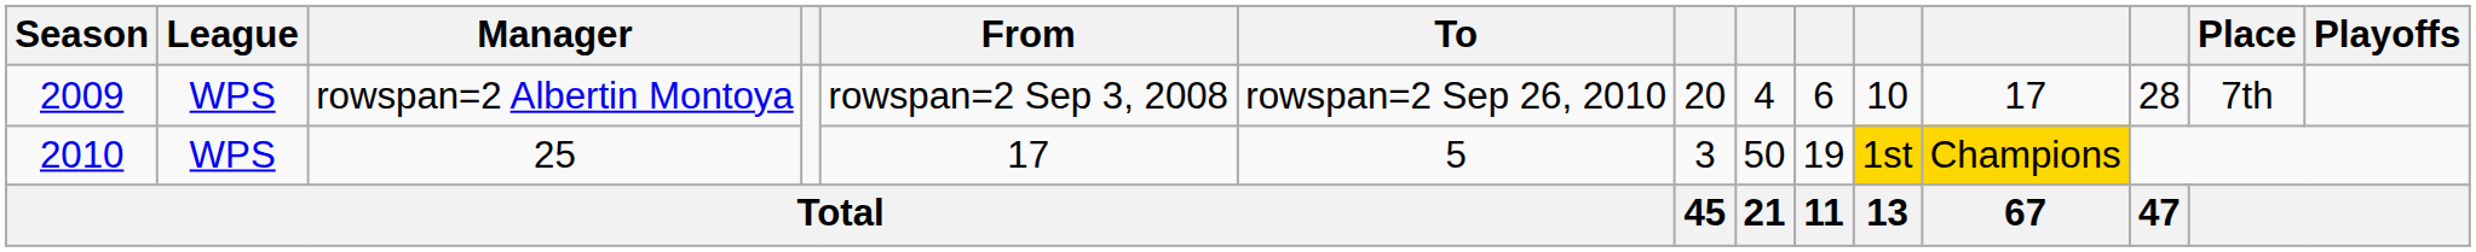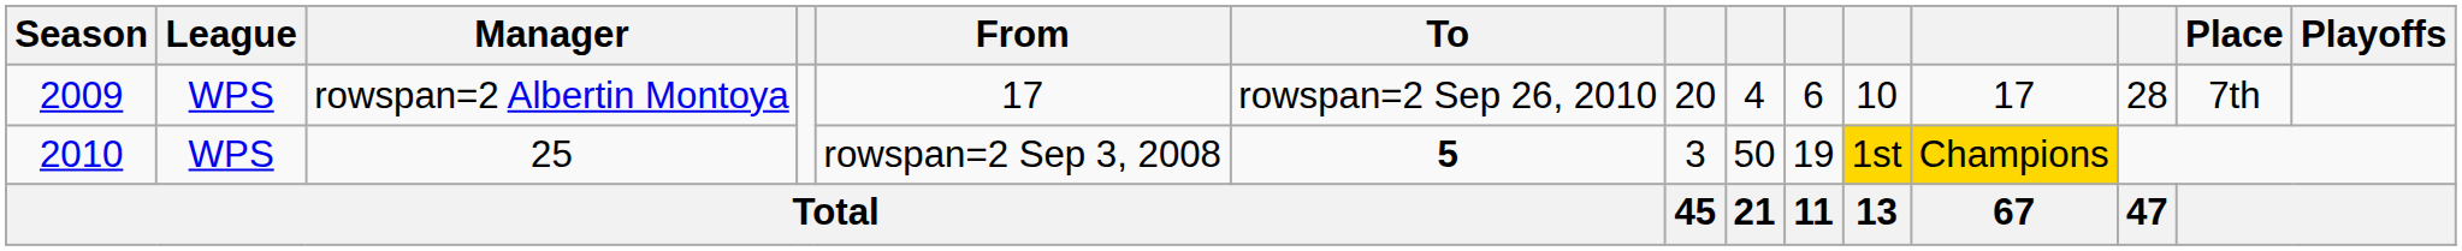 <table class="wikitable" style="text-align:center;">
 <tr>
 <th scope="col">Season</th>
 <th scope="col">League</th>
 <th scope="col">Manager</th>
 <th scope="col"></th>
 <th scope="col">From</th>
 <th scope="col">To</th>
 <th scope="col"></th>
 <th scope="col"></th>
 <th scope="col"></th>
 <th scope="col"></th>
 <th scope="col"></th>
 <th scope="col"></th>
 <th scope="col">Place</th>
 <th scope="col">Playoffs</th>
 </tr>
 <tr>
 <td><a href='#'>2009</a></td>
 <td><a href='#'>WPS</a></td>
 <td>rowspan=2 <a href='#'>Albertin Montoya</a></td>
 <td rowspan=2></td>
-<td>rowspan=2 Sep 3, 2008</td>
+<td>17</td>
 <td>rowspan=2 Sep 26, 2010</td>
 <td>20</td>
 <td>4</td>
 <td>6</td>
 <td>10</td>
 <td>17</td>
 <td>28</td>
 <td>7th</td>
 <td></td>
 </tr>
 <tr>
 <td><a href='#'>2010</a></td>
 <td><a href='#'>WPS</a></td>
 <td>25</td>
-<td>17</td>
-<td>5</td>
+<td>rowspan=2 Sep 3, 2008</td>
+<td><strong>5</strong></td>
 <td>3</td>
 <td>50</td>
 <td>19</td>
 <td style="background-color:gold;">1st</td>
 <td style="background-color:gold;">Champions</td>
 </tr>
 <tr>
 <th colspan=6 scope="row">Total</th>
 <th>45</th>
 <th>21</th>
 <th>11</th>
 <th>13</th>
 <th>67</th>
 <th>47</th>
 <th colspan=2></th>
 </tr>
 </table>
